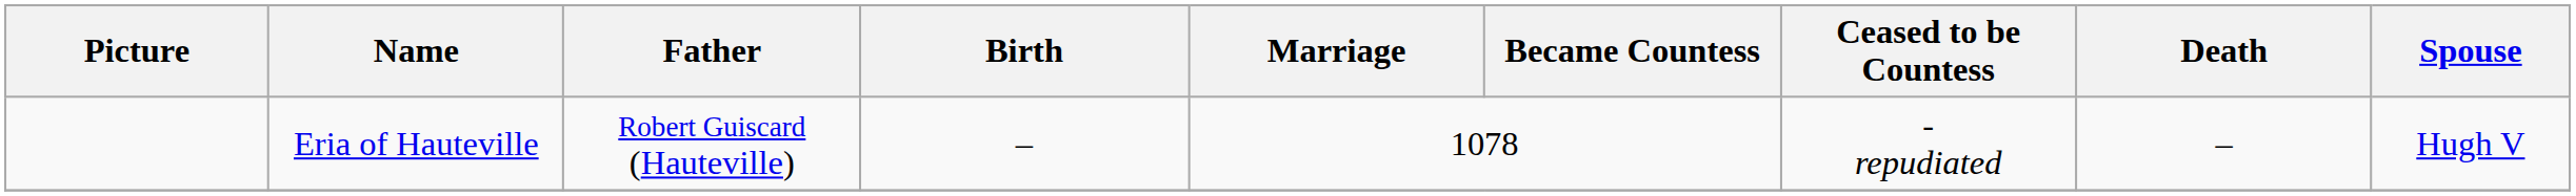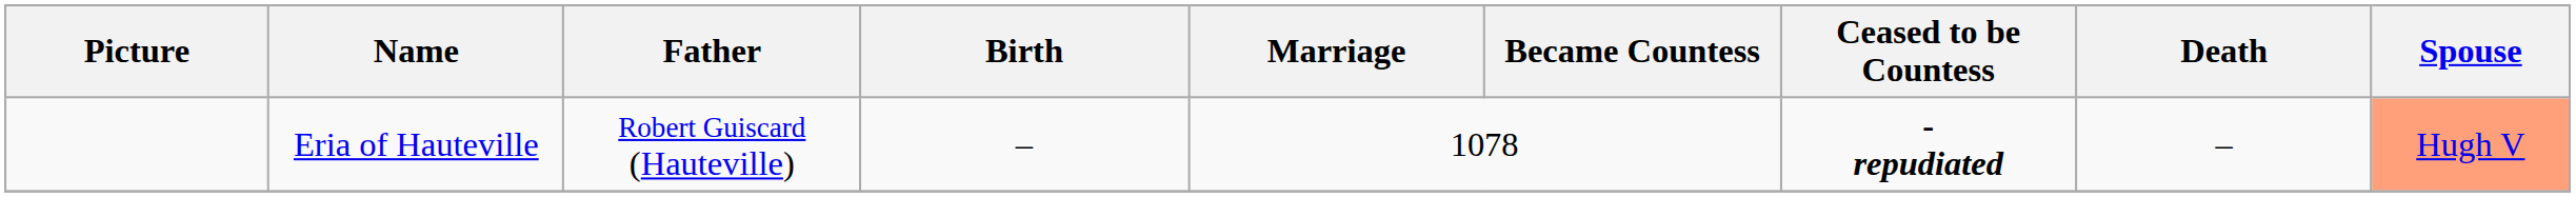 <table width=95% class="wikitable">
 <tr>
 <th width = "8%">Picture</th>
 <th width = "9%">Name</th>
 <th width = "9%">Father</th>
 <th width = "10%">Birth</th>
 <th width = "9%">Marriage</th>
 <th width = "9%">Became Countess</th>
 <th width = "9%">Ceased to be Countess</th>
 <th width = "9%">Death</th>
 <th width = "6%"><a href='#'>Spouse</a></th>
 </tr>
 <tr>
 <td align="center"></td>
 <td align="center"><a href='#'>Eria of Hauteville</a></td>
 <td align="center"><small><a href='#'>Robert Guiscard</a></small><br>(<a href='#'>Hauteville</a>)</td>
 <td align="center">–</td>
 <td align="center" colspan="2">1078</td>
-<td align="center">-<br><em>repudiated</em></td>
+<td align="center"><strong>-<br><em>repudiated</em></strong></td>
 <td align="center">–</td>
-<td align="center"><a href='#'>Hugh V</a></td>
+<td align="center" style="background: lightsalmon;"><a href='#'>Hugh V</a></td>
 </tr>
 <tr>
 </tr>
 </table>
